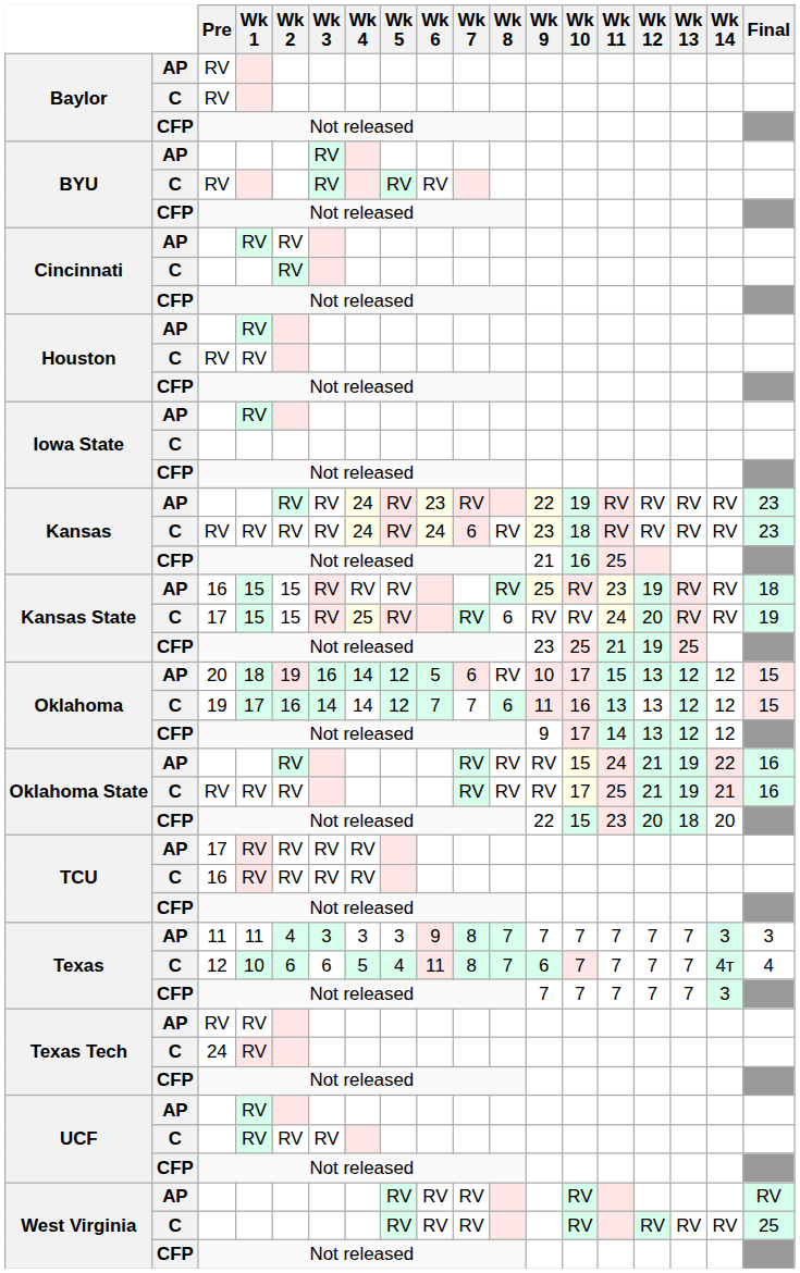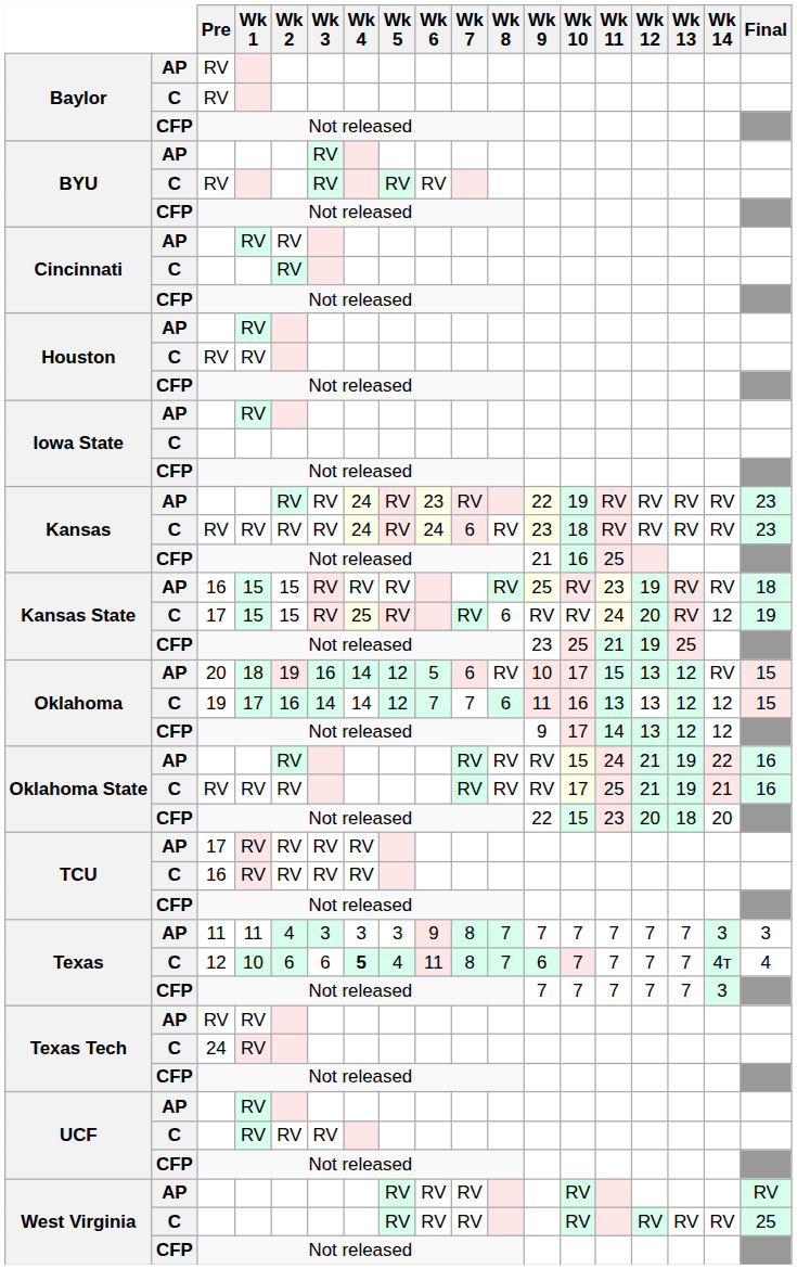 <table class="wikitable" style="white-space:nowrap;font-size:85%;">
 <tr>
 <th colspan=2 style="background:white; border-top-style:hidden; border-left-style:hidden;"> </th>
 <th>Pre</th>
 <th>Wk<br>1</th>
 <th>Wk<br>2</th>
 <th>Wk<br>3</th>
 <th>Wk<br>4</th>
 <th>Wk<br>5</th>
 <th>Wk<br>6</th>
 <th>Wk<br>7</th>
 <th>Wk<br>8</th>
 <th>Wk<br>9</th>
 <th>Wk<br>10</th>
 <th>Wk<br>11</th>
 <th>Wk<br>12</th>
 <th>Wk<br>13</th>
 <th>Wk<br>14</th>
 <th>Final</th>
 </tr>
 <tr style="text-align:center;">
 <th rowspan="3">Baylor</th>
 <th>AP</th>
 <td style="background:#FFF;">RV</td>
 <td style="background:#ffe6e6;"></td>
 <td style="background:#FFF;"></td>
 <td style="background:#FFF;"></td>
 <td style="background:#FFF;"></td>
 <td style="background:#FFF;"></td>
 <td style="background:#FFF;"></td>
 <td style="background:#FFF;"></td>
 <td style="background:#FFF;"></td>
 <td style="background:#FFF;"></td>
 <td style="background:#FFF;"></td>
 <td style="background:#FFF;"></td>
 <td style="background:#FFF;"></td>
 <td style="background:#FFF;"></td>
 <td style="background:#FFF;"></td>
 <td style="background:#FFF;"></td>
 </tr>
 <tr style="text-align:center;">
 <th>C</th>
 <td style="background:#FFF;">RV</td>
 <td style="background:#FFE6E6;"></td>
 <td style="background:#FFF;"></td>
 <td style="background:#FFF;"></td>
 <td style="background:#FFF;"></td>
 <td style="background:#FFF;"></td>
 <td style="background:#FFF;"></td>
 <td style="background:#FFF;"></td>
 <td style="background:#FFF;"></td>
 <td style="background:#FFF;"></td>
 <td style="background:#FFF;"></td>
 <td style="background:#FFF;"></td>
 <td style="background:#FFF;"></td>
 <td style="background:#FFF;"></td>
 <td style="background:#FFF;"></td>
 <td style="background:#FFF;"></td>
 </tr>
 <tr style="text-align:center;">
 <th>CFP</th>
 <td colspan="9" style="text-align:center;">Not released</td>
 <td style="background:#FFF;"></td>
 <td style="background:#FFF;"></td>
 <td style="background:#FFF;"></td>
 <td style="background:#FFF;"></td>
 <td style="background:#FFF;"></td>
 <td style="background:#FFF;"></td>
 <td style="background:#999;"></td>
 </tr>
 <tr style="text-align:center;">
 <th rowspan="3">BYU</th>
 <th>AP</th>
 <td style="background:#FFF;"></td>
 <td style="background:#FFF;"></td>
 <td style="background:#FFF;"></td>
 <td style="background:#D8FFEB;">RV</td>
 <td style="background:#ffe6e6;"></td>
 <td style="background:#FFF;"></td>
 <td style="background:#FFF;"></td>
 <td style="background:#FFF;"></td>
 <td style="background:#FFF;"></td>
 <td style="background:#FFF;"></td>
 <td style="background:#FFF;"></td>
 <td style="background:#FFF;"></td>
 <td style="background:#FFF;"></td>
 <td style="background:#FFF;"></td>
 <td style="background:#FFF;"></td>
 <td style="background:#FFF;"></td>
 </tr>
 <tr style="text-align:center;">
 <th>C</th>
 <td style="background:#FFF;">RV</td>
 <td style="background:#FFE6E6;"></td>
 <td style="background:#FFF;"></td>
 <td style="background:#D8FFEB;">RV</td>
 <td style="background:#ffe6e6;"></td>
 <td style="background:#D8FFEB;">RV</td>
 <td style="background:#FFF;">RV</td>
 <td style="background:#ffe6e6;"></td>
 <td style="background:#FFF;"></td>
 <td style="background:#FFF;"></td>
 <td style="background:#FFF;"></td>
 <td style="background:#FFF;"></td>
 <td style="background:#FFF;"></td>
 <td style="background:#FFF;"></td>
 <td style="background:#FFF;"></td>
 <td style="background:#FFF;"></td>
 </tr>
 <tr style="text-align:center;">
 <th>CFP</th>
 <td colspan="9" style="text-align:center;">Not released</td>
 <td style="background:#FFF;"></td>
 <td style="background:#FFF;"></td>
 <td style="background:#FFF;"></td>
 <td style="background:#FFF;"></td>
 <td style="background:#FFF;"></td>
 <td style="background:#FFF;"></td>
 <td style="background:#999;"></td>
 </tr>
 <tr style="text-align:center;">
 <th rowspan="3">Cincinnati</th>
 <th>AP</th>
 <td style="background:#FFF;"></td>
 <td style="background:#D8FFEB;">RV</td>
 <td style="background:#FFF;">RV</td>
 <td style="background:#ffe6e6;"></td>
 <td style="background:#FFF;"></td>
 <td style="background:#FFF;"></td>
 <td style="background:#FFF;"></td>
 <td style="background:#FFF;"></td>
 <td style="background:#FFF;"></td>
 <td style="background:#FFF;"></td>
 <td style="background:#FFF;"></td>
 <td style="background:#FFF;"></td>
 <td style="background:#FFF;"></td>
 <td style="background:#FFF;"></td>
 <td style="background:#FFF;"></td>
 <td style="background:#FFF;"></td>
 </tr>
 <tr style="text-align:center;">
 <th>C</th>
 <td style="background:#FFF;"></td>
 <td style="background:#FFF;"></td>
 <td style="background:#D8FFEB;">RV</td>
 <td style="background:#ffe6e6;"></td>
 <td style="background:#FFF;"></td>
 <td style="background:#FFF;"></td>
 <td style="background:#FFF;"></td>
 <td style="background:#FFF;"></td>
 <td style="background:#FFF;"></td>
 <td style="background:#FFF;"></td>
 <td style="background:#FFF;"></td>
 <td style="background:#FFF;"></td>
 <td style="background:#FFF;"></td>
 <td style="background:#FFF;"></td>
 <td style="background:#FFF;"></td>
 <td style="background:#FFF;"></td>
 </tr>
 <tr style="text-align:center;">
 <th>CFP</th>
 <td colspan="9" style="text-align:center;">Not released</td>
 <td style="background:#FFF;"></td>
 <td style="background:#FFF;"></td>
 <td style="background:#FFF;"></td>
 <td style="background:#FFF;"></td>
 <td style="background:#FFF;"></td>
 <td style="background:#FFF;"></td>
 <td style="background:#999;"></td>
 </tr>
 <tr style="text-align:center;">
 <th rowspan="3">Houston</th>
 <th>AP</th>
 <td style="background:#FFF;"></td>
 <td style="background:#D8FFEB;">RV</td>
 <td style="background:#ffe6e6;"></td>
 <td style="background:#FFF;"></td>
 <td style="background:#FFF;"></td>
 <td style="background:#FFF;"></td>
 <td style="background:#FFF;"></td>
 <td style="background:#FFF;"></td>
 <td style="background:#FFF;"></td>
 <td style="background:#FFF;"></td>
 <td style="background:#FFF;"></td>
 <td style="background:#FFF;"></td>
 <td style="background:#FFF;"></td>
 <td style="background:#FFF;"></td>
 <td style="background:#FFF;"></td>
 <td style="background:#FFF;"></td>
 </tr>
 <tr style="text-align:center;">
 <th>C</th>
 <td style="background:#FFF;">RV</td>
 <td style="background:#FFF;">RV</td>
 <td style="background:#ffe6e6;"></td>
 <td style="background:#FFF;"></td>
 <td style="background:#FFF;"></td>
 <td style="background:#FFF;"></td>
 <td style="background:#FFF;"></td>
 <td style="background:#FFF;"></td>
 <td style="background:#FFF;"></td>
 <td style="background:#FFF;"></td>
 <td style="background:#FFF;"></td>
 <td style="background:#FFF;"></td>
 <td style="background:#FFF;"></td>
 <td style="background:#FFF;"></td>
 <td style="background:#FFF;"></td>
 <td style="background:#FFF;"></td>
 </tr>
 <tr style="text-align:center;">
 <th>CFP</th>
 <td colspan="9" style="text-align:center;">Not released</td>
 <td style="background:#FFF;"></td>
 <td style="background:#FFF;"></td>
 <td style="background:#FFF;"></td>
 <td style="background:#FFF;"></td>
 <td style="background:#FFF;"></td>
 <td style="background:#FFF;"></td>
 <td style="background:#999;"></td>
 </tr>
 <tr style="text-align:center;">
 <th rowspan="3">Iowa State</th>
 <th>AP</th>
 <td style="background:#FFF;"></td>
 <td style="background:#D8FFEB;">RV</td>
 <td style="background:#ffe6e6;"></td>
 <td style="background:#FFF;"></td>
 <td style="background:#FFF;"></td>
 <td style="background:#FFF;"></td>
 <td style="background:#FFF;"></td>
 <td style="background:#FFF;"></td>
 <td style="background:#FFF;"></td>
 <td style="background:#FFF;"></td>
 <td style="background:#FFF;"></td>
 <td style="background:#FFF;"></td>
 <td style="background:#FFF;"></td>
 <td style="background:#FFF;"></td>
 <td style="background:#FFF;"></td>
 <td style="background:#FFF;"></td>
 </tr>
 <tr style="text-align:center;">
 <th>C</th>
 <td style="background:#FFF;"></td>
 <td style="background:#FFF;"></td>
 <td style="background:#FFF;"></td>
 <td style="background:#FFF;"></td>
 <td style="background:#FFF;"></td>
 <td style="background:#FFF;"></td>
 <td style="background:#FFF;"></td>
 <td style="background:#FFF;"></td>
 <td style="background:#FFF;"></td>
 <td style="background:#FFF;"></td>
 <td style="background:#FFF;"></td>
 <td style="background:#FFF;"></td>
 <td style="background:#FFF;"></td>
 <td style="background:#FFF;"></td>
 <td style="background:#FFF;"></td>
 <td style="background:#FFF;"></td>
 </tr>
 <tr style="text-align:center;">
 <th>CFP</th>
 <td colspan="9" style="text-align:center;">Not released</td>
 <td style="background:#FFF;"></td>
 <td style="background:#FFF;"></td>
 <td style="background:#FFF;"></td>
 <td style="background:#FFF;"></td>
 <td style="background:#FFF;"></td>
 <td style="background:#FFF;"></td>
 <td style="background:#999;"></td>
 </tr>
 <tr style="text-align:center;">
 <th rowspan="3">Kansas</th>
 <th>AP</th>
 <td style="background:#FFF;"></td>
 <td style="background:#FFF;"></td>
 <td style="background:#D8FFEB;">RV</td>
 <td style="background:#FFF;">RV</td>
 <td style="background:#ffffe6;">24</td>
 <td style="background:#ffe6e6;">RV</td>
 <td style="background:#ffffe6;">23</td>
 <td style="background:#ffe6e6;">RV</td>
 <td style="background:#ffe6e6;"></td>
 <td style="background:#ffffe6;">22</td>
 <td style="background:#D8FFEB;">19</td>
 <td style="background:#ffe6e6;">RV</td>
 <td style="background:#FFF;">RV</td>
 <td style="background:#FFF;">RV</td>
 <td style="background:#FFF;">RV</td>
 <td style="background:#D8FFEB;">23</td>
 </tr>
 <tr style="text-align:center;">
 <th>C</th>
 <td style="background:#FFF;">RV</td>
 <td style="background:#FFF;">RV</td>
 <td style="background:#FFF;">RV</td>
 <td style="background:#FFF;">RV</td>
 <td style="background:#ffffe6;">24</td>
 <td style="background:#ffe6e6;">RV</td>
 <td style="background:#ffffe6;">24</td>
 <td style="background:#ffe6e6;">6</td>
 <td style="background:#FFF;">RV</td>
 <td style="background:#ffffe6;">23</td>
 <td style="background:#D8FFEB;">18</td>
 <td style="background:#ffe6e6;">RV</td>
 <td style="background:#FFF;">RV</td>
 <td style="background:#FFF;">RV</td>
 <td style="background:#FFF;">RV</td>
 <td style="background:#D8FFEB;">23</td>
 </tr>
 <tr style="text-align:center;">
 <th>CFP</th>
 <td colspan="9" style="text-align:center;">Not released</td>
 <td style="background:#FFF;">21</td>
 <td style="background:#D8FFEB;">16</td>
 <td style="background:#ffe6e6;">25</td>
 <td style="background:#ffe6e6;"></td>
 <td style="background:#FFF;"></td>
 <td style="background:#FFF;"></td>
 <td style="background:#999;"></td>
 </tr>
 <tr style="text-align:center;">
 <th rowspan="3">Kansas State</th>
 <th>AP</th>
 <td style="background:#FFF;">16</td>
 <td style="background:#D8FFEB;">15</td>
 <td style="background:#FFF;">15</td>
 <td style="background:#ffe6e6;">RV</td>
 <td style="background:#FFF;">RV</td>
 <td style="background:#FFF;">RV</td>
 <td style="background:#ffe6e6;"></td>
 <td style="background:#FFF;"></td>
 <td style="background:#D8FFEB;">RV</td>
 <td style="background:#ffffe6;">25</td>
 <td style="background:#ffe6e6;">RV</td>
 <td style="background:#ffffe6;">23</td>
 <td style="background:#D8FFEB;">19</td>
 <td style="background:#ffe6e6;">RV</td>
 <td style="background:#FFF;">RV</td>
 <td style="background:#D8FFEB;">18</td>
 </tr>
 <tr style="text-align:center;">
 <th>C</th>
 <td style="background:#FFF;">17</td>
 <td style="background:#D8FFEB;">15</td>
 <td style="background:#FFF;">15</td>
 <td style="background:#ffe6e6;">RV</td>
 <td style="background:#ffffe6;">25</td>
 <td style="background:#ffe6e6;">RV</td>
 <td style="background:#ffe6e6;"></td>
 <td style="background:#D8FFEB;">RV</td>
 <td style="background:#FFF;">6</td>
 <td style="background:#FFF;">RV</td>
 <td style="background:#FFF;">RV</td>
 <td style="background:#ffffe6;">24</td>
 <td style="background:#D8FFEB;">20</td>
 <td style="background:#ffe6e6;">RV</td>
-<td style="background:#FFF;">RV</td>
+<td style="background:#FFF;">12</td>
 <td style="background:#D8FFEB;">19</td>
 </tr>
 <tr style="text-align:center;">
 <th>CFP</th>
 <td colspan="9" style="text-align:center;">Not released</td>
 <td style="background:#FFF;">23</td>
 <td style="background:#ffe6e6;">25</td>
 <td style="background:#D8FFEB;">21</td>
 <td style="background:#D8FFEB;">19</td>
 <td style="background:#ffe6e6;">25</td>
 <td style="background:#FFF;"></td>
 <td style="background:#999;"></td>
 </tr>
 <tr style="text-align:center;">
 <th rowspan="3">Oklahoma</th>
 <th>AP</th>
 <td style="background:#FFF;">20</td>
 <td style="background:#D8FFEB;">18</td>
 <td style="background:#ffe6e6;">19</td>
 <td style="background:#D8FFEB;">16</td>
 <td style="background:#D8FFEB;">14</td>
 <td style="background:#D8FFEB;">12</td>
 <td style="background:#D8FFEB;">5</td>
 <td style="background:#ffe6e6;">6</td>
 <td style="background:#FFF;">RV</td>
 <td style="background:#ffe6e6;">10</td>
 <td style="background:#ffe6e6;">17</td>
 <td style="background:#D8FFEB;">15</td>
 <td style="background:#D8FFEB;">13</td>
 <td style="background:#D8FFEB;">12</td>
-<td style="background:#FFF;">12</td>
+<td style="background:#FFF;">RV</td>
 <td style="background:#FFE6E6;">15</td>
 </tr>
 <tr style="text-align:center;">
 <th>C</th>
 <td style="background:#FFF;">19</td>
 <td style="background:#D8FFEB;">17</td>
 <td style="background:#D8FFEB;">16</td>
 <td style="background:#D8FFEB;">14</td>
 <td style="background:#FFF;">14</td>
 <td style="background:#D8FFEB;">12</td>
 <td style="background:#D8FFEB;">7</td>
 <td style="background:#FFF;">7</td>
 <td style="background:#D8FFEB;">6</td>
 <td style="background:#ffe6e6;">11</td>
 <td style="background:#ffe6e6;">16</td>
 <td style="background:#D8FFEB;">13</td>
 <td style="background:#FFF;">13</td>
 <td style="background:#D8FFEB;">12</td>
 <td style="background:#FFF;">12</td>
 <td style="background:#FFE6E6;">15</td>
 </tr>
 <tr style="text-align:center;">
 <th>CFP</th>
 <td colspan="9" style="text-align:center;">Not released</td>
 <td style="background:#FFF;">9</td>
 <td style="background:#ffe6e6;">17</td>
 <td style="background:#D8FFEB;">14</td>
 <td style="background:#D8FFEB;">13</td>
 <td style="background:#D8FFEB;">12</td>
 <td style="background:#FFF;">12</td>
 <td style="background:#999;"></td>
 </tr>
 <tr style="text-align:center;">
 <th rowspan="3">Oklahoma State</th>
 <th>AP</th>
 <td style="background:#FFF;"></td>
 <td style="background:#FFF;"></td>
 <td style="background:#D8FFEB;">RV</td>
 <td style="background:#ffe6e6;"></td>
 <td style="background:#FFF;"></td>
 <td style="background:#FFF;"></td>
 <td style="background:#FFF;"></td>
 <td style="background:#D8FFEB;">RV</td>
 <td style="background:#FFF;">RV</td>
 <td style="background:#FFF;">RV</td>
 <td style="background:#ffffe6;">15</td>
 <td style="background:#ffe6e6;">24</td>
 <td style="background:#D8FFEB;">21</td>
 <td style="background:#D8FFEB;">19</td>
 <td style="background:#FFE6E6;">22</td>
 <td style="background:#D8FFEB;">16</td>
 </tr>
 <tr style="text-align:center;">
 <th>C</th>
 <td style="background:#FFF;">RV</td>
 <td style="background:#FFF;">RV</td>
 <td style="background:#FFF;">RV</td>
 <td style="background:#ffe6e6;"></td>
 <td style="background:#FFF;"></td>
 <td style="background:#FFF;"></td>
 <td style="background:#FFF;"></td>
 <td style="background:#D8FFEB;">RV</td>
 <td style="background:#FFF;">RV</td>
 <td style="background:#FFF;">RV</td>
 <td style="background:#ffffe6;">17</td>
 <td style="background:#ffe6e6;">25</td>
 <td style="background:#D8FFEB;">21</td>
 <td style="background:#D8FFEB;">19</td>
 <td style="background:#ffe6e6;">21</td>
 <td style="background:#D8FFEB;">16</td>
 </tr>
 <tr style="text-align:center;">
 <th>CFP</th>
 <td colspan="9" style="text-align:center;">Not released</td>
 <td style="background:#FFF;">22</td>
 <td style="background:#D8FFEB;">15</td>
 <td style="background:#ffe6e6;">23</td>
 <td style="background:#D8FFEB;">20</td>
 <td style="background:#D8FFEB;">18</td>
 <td style="background:#FFF;">20</td>
 <td style="background:#999;"></td>
 </tr>
 <tr style="text-align:center;">
 <th rowspan="3">TCU</th>
 <th>AP</th>
 <td style="background:#FFF;">17</td>
 <td style="background:#FFE6E6;">RV</td>
 <td style="background:#FFF;">RV</td>
 <td style="background:#FFF;">RV</td>
 <td style="background:#FFF;">RV</td>
 <td style="background:#ffe6e6;"></td>
 <td style="background:#FFF;"></td>
 <td style="background:#FFF;"></td>
 <td style="background:#FFF;"></td>
 <td style="background:#FFF;"></td>
 <td style="background:#FFF;"></td>
 <td style="background:#FFF;"></td>
 <td style="background:#FFF;"></td>
 <td style="background:#FFF;"></td>
 <td style="background:#FFF;"></td>
 <td style="background:#FFF;"></td>
 </tr>
 <tr style="text-align:center;">
 <th>C</th>
 <td style="background:#FFF;">16</td>
 <td style="background:#FFE6E6;">RV</td>
 <td style="background:#FFF;">RV</td>
 <td style="background:#FFF;">RV</td>
 <td style="background:#FFF;">RV</td>
 <td style="background:#ffe6e6;"></td>
 <td style="background:#FFF;"></td>
 <td style="background:#FFF;"></td>
 <td style="background:#FFF;"></td>
 <td style="background:#FFF;"></td>
 <td style="background:#FFF;"></td>
 <td style="background:#FFF;"></td>
 <td style="background:#FFF;"></td>
 <td style="background:#FFF;"></td>
 <td style="background:#FFF;"></td>
 <td style="background:#FFF;"></td>
 </tr>
 <tr style="text-align:center;">
 <th>CFP</th>
 <td colspan="9" style="text-align:center;">Not released</td>
 <td style="background:#FFF;"></td>
 <td style="background:#FFF;"></td>
 <td style="background:#FFF;"></td>
 <td style="background:#FFF;"></td>
 <td style="background:#FFF;"></td>
 <td style="background:#FFF;"></td>
 <td style="background:#999;"></td>
 </tr>
 <tr style="text-align:center;">
 <th rowspan="3">Texas</th>
 <th>AP</th>
 <td style="background:#FFF;">11</td>
 <td style="background:#FFF;">11</td>
 <td style="background:#D8FFEB;">4</td>
 <td style="background:#D8FFEB;">3</td>
 <td style="background:#FFF;">3</td>
 <td style="background:#FFF;">3</td>
 <td style="background:#ffe6e6;">9</td>
 <td style="background:#D8FFEB;">8</td>
 <td style="background:#D8FFEB;">7</td>
 <td style="background:#FFF;">7</td>
 <td style="background:#FFF;">7</td>
 <td style="background:#FFF;">7</td>
 <td style="background:#FFF;">7</td>
 <td style="background:#FFF;">7</td>
 <td style="background:#D8FFEB;">3</td>
 <td style="background:#FFF;">3</td>
 </tr>
 <tr style="text-align:center;">
 <th>C</th>
 <td style="background:#FFF;">12</td>
 <td style="background:#D8FFEB;">10</td>
 <td style="background:#D8FFEB;">6</td>
 <td style="background:#FFF;">6</td>
-<td style="background:#D8FFEB;">5</td>
+<td style="background:#D8FFEB;"><strong>5</strong></td>
 <td style="background:#D8FFEB;">4</td>
 <td style="background:#ffe6e6;">11</td>
 <td style="background:#D8FFEB;">8</td>
 <td style="background:#D8FFEB;">7</td>
 <td style="background:#D8FFEB;">6</td>
 <td style="background:#ffe6e6;">7</td>
 <td style="background:#FFF;">7</td>
 <td style="background:#FFF;">7</td>
 <td style="background:#FFF;">7</td>
 <td style="background:#D8FFEB;">4т</td>
 <td style="background:#FFF;">4</td>
 </tr>
 <tr style="text-align:center;">
 <th>CFP</th>
 <td colspan="9" style="text-align:center;">Not released</td>
 <td style="background:#FFF;">7</td>
 <td style="background:#FFF;">7</td>
 <td style="background:#FFF;">7</td>
 <td style="background:#FFF;">7</td>
 <td style="background:#FFF;">7</td>
 <td style="background:#D8FFEB;">3</td>
 <td style="background:#999;"></td>
 </tr>
 <tr style="text-align:center;">
 <th rowspan="3">Texas Tech</th>
 <th>AP</th>
 <td style="background:#FFF;">RV</td>
 <td style="background:#FFF;">RV</td>
 <td style="background:#ffe6e6;"></td>
 <td style="background:#FFF;"></td>
 <td style="background:#FFF;"></td>
 <td style="background:#FFF;"></td>
 <td style="background:#FFF;"></td>
 <td style="background:#FFF;"></td>
 <td style="background:#FFF;"></td>
 <td style="background:#FFF;"></td>
 <td style="background:#FFF;"></td>
 <td style="background:#FFF;"></td>
 <td style="background:#FFF;"></td>
 <td style="background:#FFF;"></td>
 <td style="background:#FFF;"></td>
 <td style="background:#FFF;"></td>
 </tr>
 <tr style="text-align:center;">
 <th>C</th>
 <td style="background:#FFF;">24</td>
 <td style="background:#FFE6E6;">RV</td>
 <td style="background:#ffe6e6;"></td>
 <td style="background:#FFF;"></td>
 <td style="background:#FFF;"></td>
 <td style="background:#FFF;"></td>
 <td style="background:#FFF;"></td>
 <td style="background:#FFF;"></td>
 <td style="background:#FFF;"></td>
 <td style="background:#FFF;"></td>
 <td style="background:#FFF;"></td>
 <td style="background:#FFF;"></td>
 <td style="background:#FFF;"></td>
 <td style="background:#FFF;"></td>
 <td style="background:#FFF;"></td>
 <td style="background:#FFF;"></td>
 </tr>
 <tr style="text-align:center;">
 <th>CFP</th>
 <td colspan="9" style="text-align:center;">Not released</td>
 <td style="background:#FFF;"></td>
 <td style="background:#FFF;"></td>
 <td style="background:#FFF;"></td>
 <td style="background:#FFF;"></td>
 <td style="background:#FFF;"></td>
 <td style="background:#FFF;"></td>
 <td style="background:#999;"></td>
 </tr>
 <tr style="text-align:center;">
 <th rowspan="3">UCF</th>
 <th>AP</th>
 <td style="background:#FFF;"></td>
 <td style="background:#D8FFEB;">RV</td>
 <td style="background:#ffe6e6;"></td>
 <td style="background:#FFF;"></td>
 <td style="background:#FFF;"></td>
 <td style="background:#FFF;"></td>
 <td style="background:#FFF;"></td>
 <td style="background:#FFF;"></td>
 <td style="background:#FFF;"></td>
 <td style="background:#FFF;"></td>
 <td style="background:#FFF;"></td>
 <td style="background:#FFF;"></td>
 <td style="background:#FFF;"></td>
 <td style="background:#FFF;"></td>
 <td style="background:#FFF;"></td>
 <td style="background:#FFF;"></td>
 </tr>
 <tr style="text-align:center;">
 <th>C</th>
 <td style="background:#FFF;"></td>
 <td style="background:#D8FFEB;">RV</td>
 <td style="background:#FFF;">RV</td>
 <td style="background:#FFF;">RV</td>
 <td style="background:#ffe6e6;"></td>
 <td style="background:#FFF;"></td>
 <td style="background:#FFF;"></td>
 <td style="background:#FFF;"></td>
 <td style="background:#FFF;"></td>
 <td style="background:#FFF;"></td>
 <td style="background:#FFF;"></td>
 <td style="background:#FFF;"></td>
 <td style="background:#FFF;"></td>
 <td style="background:#FFF;"></td>
 <td style="background:#FFF;"></td>
 <td style="background:#FFF;"></td>
 </tr>
 <tr style="text-align:center;">
 <th>CFP</th>
 <td colspan="9" style="text-align:center;">Not released</td>
 <td style="background:#FFF;"></td>
 <td style="background:#FFF;"></td>
 <td style="background:#FFF;"></td>
 <td style="background:#FFF;"></td>
 <td style="background:#FFF;"></td>
 <td style="background:#FFF;"></td>
 <td style="background:#999;"></td>
 </tr>
 <tr style="text-align:center;">
 <th rowspan="3">West Virginia</th>
 <th>AP</th>
 <td style="background:#FFF;"></td>
 <td style="background:#FFF;"></td>
 <td style="background:#FFF;"></td>
 <td style="background:#FFF;"></td>
 <td style="background:#FFF;"></td>
 <td style="background:#D8FFEB;">RV</td>
 <td style="background:#FFF;">RV</td>
 <td style="background:#FFF;">RV</td>
 <td style="background:#ffe6e6;"></td>
 <td style="background:#FFF;"></td>
 <td style="background:#D8FFEB;">RV</td>
 <td style="background:#ffe6e6;"></td>
 <td style="background:#FFF;"></td>
 <td style="background:#FFF;"></td>
 <td style="background:#FFF;"></td>
 <td style="background:#D8FFEB;">RV</td>
 </tr>
 <tr style="text-align:center;">
 <th>C</th>
 <td style="background:#FFF;"></td>
 <td style="background:#FFF;"></td>
 <td style="background:#FFF;"></td>
 <td style="background:#FFF;"></td>
 <td style="background:#FFF;"></td>
 <td style="background:#D8FFEB;">RV</td>
 <td style="background:#FFF;">RV</td>
 <td style="background:#FFF;">RV</td>
 <td style="background:#ffe6e6;"></td>
 <td style="background:#FFF;"></td>
 <td style="background:#D8FFEB;">RV</td>
 <td style="background:#ffe6e6;"></td>
 <td style="background:#D8FFEB;">RV</td>
 <td style="background:#FFF;">RV</td>
 <td style="background:#FFF;">RV</td>
 <td style="background:#D8FFEB;">25</td>
 </tr>
 <tr style="text-align:center;">
 <th>CFP</th>
 <td colspan="9" style="text-align:center;">Not released</td>
 <td style="background:#FFF;"></td>
 <td style="background:#FFF;"></td>
 <td style="background:#FFF;"></td>
 <td style="background:#FFF;"></td>
 <td style="background:#FFF;"></td>
 <td style="background:#FFF;"></td>
 <td style="background:#999;"></td>
 </tr>
 <tr style="text-align:center;">
 </tr>
 </table>
